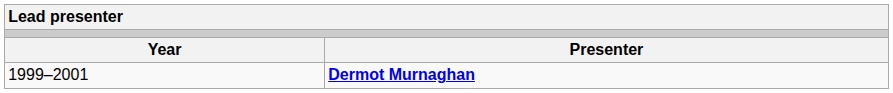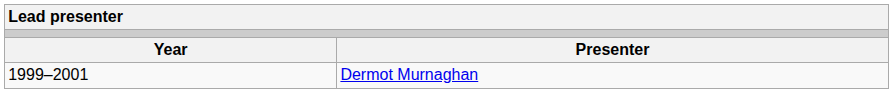 <table class="wikitable collapsible collapsed" style="width:70%;">
 <tr>
 <th colspan="2" style="text-align:left;">Lead presenter</th>
 </tr>
 <tr style="background:#ccc;">
 <td colspan="2"></td>
 </tr>
 <tr>
 <th>Year</th>
 <th>Presenter</th>
 </tr>
 <tr>
 <td>1999–2001</td>
-<td><strong><a href='#'>Dermot Murnaghan</a></strong></td>
+<td><a href='#'>Dermot Murnaghan</a></td>
 </tr>
 <tr>
 </tr>
 </table>
